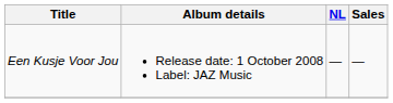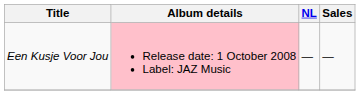 <table class="wikitable">
 <tr>
 <th align="left"><strong>Title</strong></th>
 <th align="left"><strong>Album details</strong></th>
 <th align="left"><strong><a href='#'>NL</a></strong></th>
 <th align="left"><strong>Sales</strong></th>
 </tr>
 <tr>
 <td><em>Een Kusje Voor Jou</em></td>
-<td><br><ul><li>Release date: 1 October 2008</li><li>Label: JAZ Music</li></ul></td>
+<td style="background: pink;"><br><ul><li>Release date: 1 October 2008</li><li>Label: JAZ Music</li></ul></td>
 <td>—</td>
 <td>—</td>
 </tr>
 <tr>
 </tr>
 </table>
